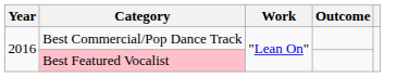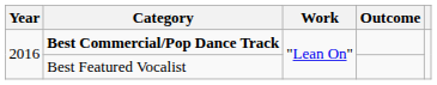 <table class="wikitable Sortable">
 <tr>
 <th>Year</th>
 <th>Category</th>
 <th>Work</th>
 <th>Outcome</th>
 <th></th>
 </tr>
 <tr>
 <td rowspan="2">2016</td>
-<td>Best Commercial/Pop Dance Track</td>
+<td><strong>Best Commercial/Pop Dance Track</strong></td>
 <td rowspan="2">"<a href='#'>Lean On</a>"</td>
 <td></td>
 <td rowspan="2"></td>
 </tr>
 <tr>
-<td style="background: pink;">Best Featured Vocalist</td>
+<td>Best Featured Vocalist</td>
 <td></td>
 </tr>
 </table>
